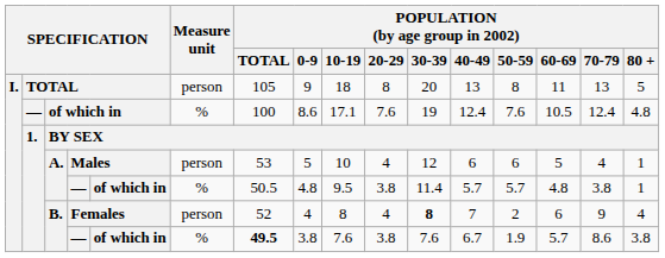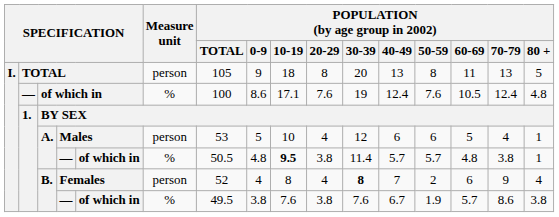 <table class="wikitable" style="font-size:85%; text-align:center">
 <tr>
 <th rowspan="2" colspan="5">SPECIFICATION</th>
 <th rowspan="2">Measure<br> unit</th>
 <th colspan="10" rowspan="1">POPULATION<br> (by age group in 2002)</th>
 </tr>
 <tr>
 <th>TOTAL</th>
 <th>0-9</th>
 <th>10-19</th>
 <th>20-29</th>
 <th>30-39</th>
 <th>40-49</th>
 <th>50-59</th>
 <th>60-69</th>
 <th>70-79</th>
 <th>80 +</th>
 </tr>
 <tr>
 <th style="text-align:left" valign="top" rowspan="7">I.</th>
 <th style="text-align:left" colspan="4">TOTAL</th>
 <td>person</td>
 <td>105</td>
 <td>9</td>
 <td>18</td>
 <td>8</td>
 <td>20</td>
 <td>13</td>
 <td>8</td>
 <td>11</td>
 <td>13</td>
 <td>5</td>
 </tr>
 <tr>
 <th style="text-align:left" valign="top">—</th>
 <th style="text-align:left" colspan="3">of which in</th>
 <td>%</td>
 <td>100</td>
 <td>8.6</td>
 <td>17.1</td>
 <td>7.6</td>
 <td>19</td>
 <td>12.4</td>
 <td>7.6</td>
 <td>10.5</td>
 <td>12.4</td>
 <td>4.8</td>
 </tr>
 <tr>
 <th style="text-align:left" valign="top" rowspan="5">1.</th>
 <th style="text-align:left" colspan="14">BY SEX</th>
 </tr>
 <tr>
 <th style="text-align:left" valign="top" rowspan="2">A.</th>
 <th style="text-align:left" colspan="2">Males</th>
 <td>person</td>
 <td>53</td>
 <td>5</td>
 <td>10</td>
 <td>4</td>
 <td>12</td>
 <td>6</td>
 <td>6</td>
 <td>5</td>
 <td>4</td>
 <td>1</td>
 </tr>
 <tr>
 <th style="text-align:left" valign="top">—</th>
 <th style="text-align:left" colspan="1">of which in</th>
 <td>%</td>
 <td>50.5</td>
 <td>4.8</td>
-<td>9.5</td>
+<td><strong>9.5</strong></td>
 <td>3.8</td>
 <td>11.4</td>
 <td>5.7</td>
 <td>5.7</td>
 <td>4.8</td>
 <td>3.8</td>
 <td>1</td>
 </tr>
 <tr>
 <th style="text-align:left" valign="top" rowspan="2">B.</th>
 <th style="text-align:left" colspan="2">Females</th>
 <td>person</td>
 <td>52</td>
 <td>4</td>
 <td>8</td>
 <td>4</td>
 <td><strong>8</strong></td>
 <td>7</td>
 <td>2</td>
 <td>6</td>
 <td>9</td>
 <td>4</td>
 </tr>
 <tr>
 <th style="text-align:left" valign="top">—</th>
 <th style="text-align:left" colspan="1">of which in</th>
 <td>%</td>
-<td><strong>49.5</strong></td>
+<td>49.5</td>
 <td>3.8</td>
 <td>7.6</td>
 <td>3.8</td>
 <td>7.6</td>
 <td>6.7</td>
 <td>1.9</td>
 <td>5.7</td>
 <td>8.6</td>
 <td>3.8</td>
 </tr>
 </table>
